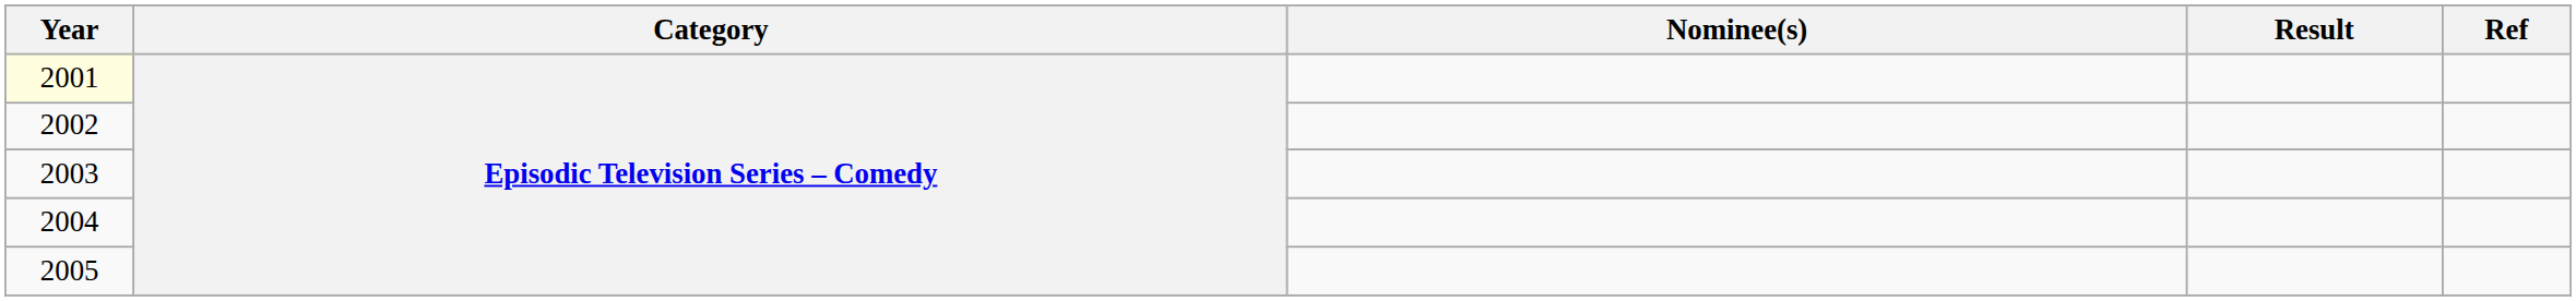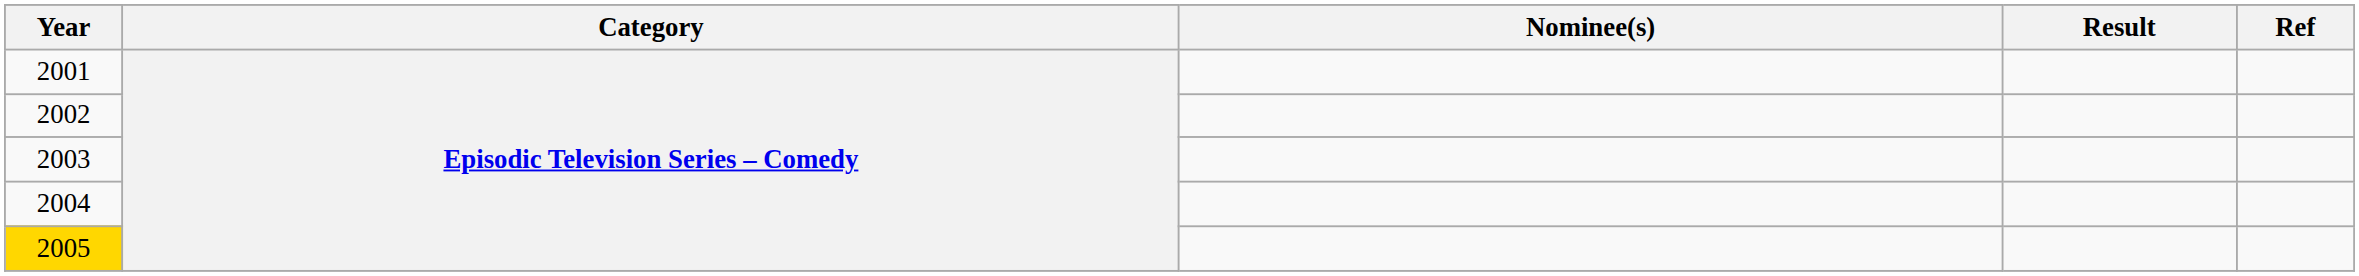 <table class="wikitable plainrowheaders" style="font-size: 90%; text-align:center" width=100%>
 <tr>
 <th scope="col" width="5%">Year</th>
 <th scope="col" width="45%">Category</th>
 <th scope="col" width="35%">Nominee(s)</th>
 <th scope="col" width="10%">Result</th>
 <th scope="col" width="5%">Ref</th>
 </tr>
 <tr>
-<td style="background: lightyellow;">2001</td>
+<td>2001</td>
 <th scope="row" style="text-align:center" rowspan="6"><a href='#'>Episodic Television Series – Comedy</a></th>
 <td></td>
 <td></td>
 <td></td>
 </tr>
 <tr>
 <td>2002</td>
 <td></td>
 <td></td>
 <td></td>
 </tr>
 <tr>
 <td>2003</td>
 <td></td>
 <td></td>
 <td></td>
 </tr>
 <tr>
 <td>2004</td>
 <td></td>
 <td></td>
 <td></td>
 </tr>
 <tr>
-<td>2005</td>
+<td style="background: gold;">2005</td>
 <td></td>
 <td></td>
 <td></td>
 </tr>
 </table>
